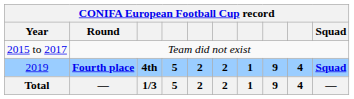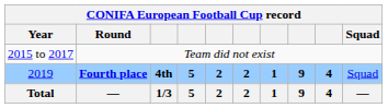 <table class="wikitable" style="text-align:center;">
 <tr>
 <th colspan="10"><a href='#'>CONIFA European Football Cup</a> record</th>
 </tr>
 <tr>
 <th>Year</th>
 <th>Round</th>
 <th width="28"></th>
 <th width="28"></th>
 <th width="28"></th>
 <th width="28"></th>
 <th width="28"></th>
 <th width="28"></th>
 <th width="28"></th>
 <th>Squad</th>
 </tr>
 <tr>
 <td> <a href='#'>2015</a> to  <a href='#'>2017</a></td>
 <td colspan="9"><em>Team did not exist</em></td>
 </tr>
 <tr style="background:#9acdff">
 <td> <a href='#'>2019</a></td>
 <td><strong><a href='#'>Fourth place</a></strong></td>
 <td><strong>4th</strong></td>
 <td><strong>5</strong></td>
 <td><strong>2</strong></td>
 <td><strong>2</strong></td>
 <td><strong>1</strong></td>
 <td><strong>9</strong></td>
 <td><strong>4</strong></td>
-<td><strong><a href='#'>Squad</a></strong></td>
+<td><a href='#'>Squad</a></td>
 </tr>
 <tr>
 <th>Total</th>
 <th>—</th>
 <th>1/3</th>
 <th>5</th>
 <th>2</th>
 <th>2</th>
 <th>1</th>
 <th>9</th>
 <th>4</th>
 <th>—</th>
 </tr>
 </table>
